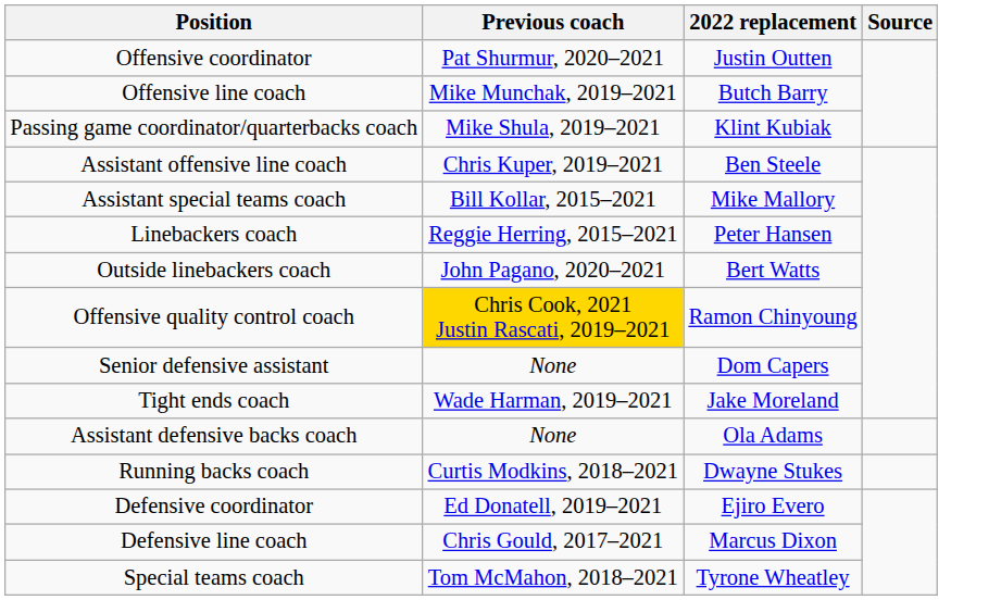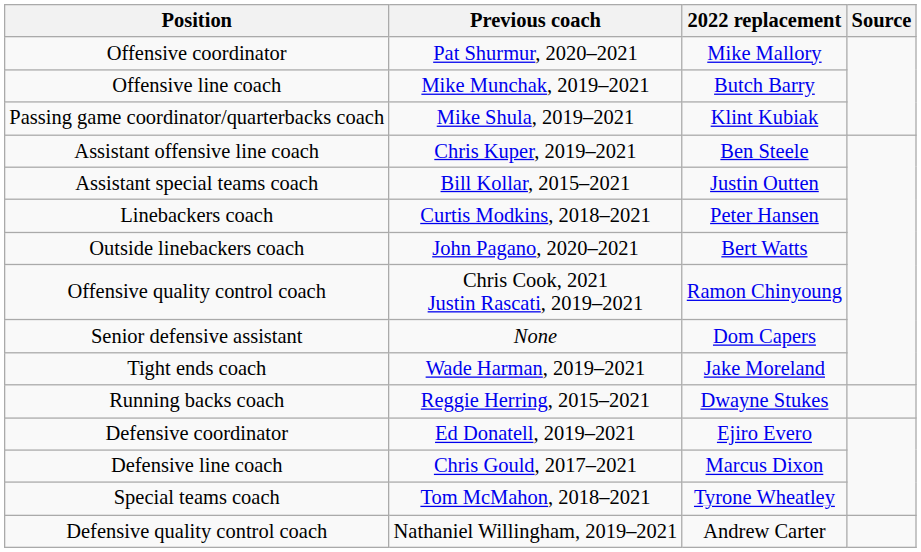 <table class="wikitable" style="text-align:center">
 <tr>
 <th>Position</th>
 <th>Previous coach</th>
 <th>2022 replacement</th>
 <th>Source</th>
 </tr>
 <tr>
 <td>Offensive coordinator</td>
 <td><a href='#'>Pat Shurmur</a>, 2020–2021</td>
-<td><a href='#'>Justin Outten</a></td>
+<td><a href='#'>Mike Mallory</a></td>
 <td rowspan=3></td>
 </tr>
 <tr>
 <td>Offensive line coach</td>
 <td><a href='#'>Mike Munchak</a>, 2019–2021</td>
 <td><a href='#'>Butch Barry</a></td>
 </tr>
 <tr>
 <td>Passing game coordinator/quarterbacks coach</td>
 <td><a href='#'>Mike Shula</a>, 2019–2021</td>
 <td><a href='#'>Klint Kubiak</a></td>
 </tr>
 <tr>
 <td>Assistant offensive line coach</td>
 <td><a href='#'>Chris Kuper</a>, 2019–2021</td>
 <td><a href='#'>Ben Steele</a></td>
 <td rowspan=7></td>
 </tr>
 <tr>
 <td>Assistant special teams coach</td>
 <td><a href='#'>Bill Kollar</a>, 2015–2021</td>
-<td><a href='#'>Mike Mallory</a></td>
+<td><a href='#'>Justin Outten</a></td>
 </tr>
 <tr>
 <td>Linebackers coach</td>
-<td><a href='#'>Reggie Herring</a>, 2015–2021</td>
+<td><a href='#'>Curtis Modkins</a>, 2018–2021</td>
 <td><a href='#'>Peter Hansen</a></td>
 </tr>
 <tr>
 <td>Outside linebackers coach</td>
 <td><a href='#'>John Pagano</a>, 2020–2021</td>
 <td><a href='#'>Bert Watts</a></td>
 </tr>
 <tr>
 <td>Offensive quality control coach</td>
-<td style="background: gold;">Chris Cook, 2021<br><a href='#'>Justin Rascati</a>, 2019–2021</td>
+<td>Chris Cook, 2021<br><a href='#'>Justin Rascati</a>, 2019–2021</td>
 <td><a href='#'>Ramon Chinyoung</a></td>
 </tr>
 <tr>
 <td>Senior defensive assistant</td>
 <td><em>None</em></td>
 <td><a href='#'>Dom Capers</a></td>
 </tr>
 <tr>
 <td>Tight ends coach</td>
 <td><a href='#'>Wade Harman</a>, 2019–2021</td>
 <td><a href='#'>Jake Moreland</a></td>
 </tr>
 <tr>
-<td>Assistant defensive backs coach</td>
-<td><em>None</em></td>
-<td><a href='#'>Ola Adams</a></td>
-<td></td>
-</tr>
-<tr>
 <td>Running backs coach</td>
-<td><a href='#'>Curtis Modkins</a>, 2018–2021</td>
+<td><a href='#'>Reggie Herring</a>, 2015–2021</td>
 <td><a href='#'>Dwayne Stukes</a></td>
 <td></td>
 </tr>
 <tr>
 <td>Defensive coordinator</td>
 <td><a href='#'>Ed Donatell</a>, 2019–2021</td>
 <td><a href='#'>Ejiro Evero</a></td>
 <td rowspan=3></td>
 </tr>
 <tr>
 <td>Defensive line coach</td>
 <td><a href='#'>Chris Gould</a>, 2017–2021</td>
 <td><a href='#'>Marcus Dixon</a></td>
 </tr>
 <tr>
 <td>Special teams coach</td>
 <td><a href='#'>Tom McMahon</a>, 2018–2021</td>
 <td><a href='#'>Tyrone Wheatley</a></td>
 </tr>
+<tr>
+<td>Defensive quality control coach</td>
+<td>Nathaniel Willingham, 2019–2021</td>
+<td>Andrew Carter</td>
+<td></td>
+</tr>
 </table>
